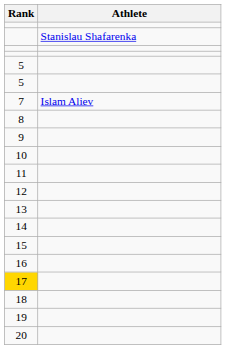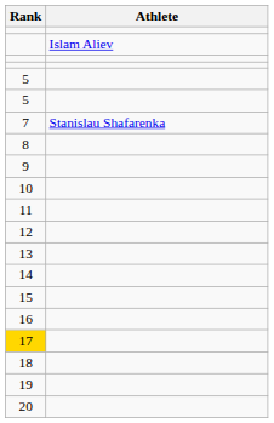 <table class="wikitable" style="text-align: center;">
 <tr>
 <th width=40>Rank</th>
 <th width=250>Athlete</th>
 </tr>
 <tr>
 <td></td>
 <td align="left"></td>
 </tr>
 <tr>
 <td></td>
-<td align="left"> <a href='#'>Stanislau Shafarenka</a> </td>
+<td align="left"> <a href='#'>Islam Aliev</a> </td>
 </tr>
 <tr>
 <td></td>
 <td align="left"></td>
 </tr>
 <tr>
 <td></td>
 <td align="left"></td>
 </tr>
 <tr>
 <td>5</td>
 <td align="left"></td>
 </tr>
 <tr>
 <td>5</td>
 <td align="left"></td>
 </tr>
 <tr>
 <td>7</td>
-<td align="left"> <a href='#'>Islam Aliev</a> </td>
+<td align="left"> <a href='#'>Stanislau Shafarenka</a> </td>
 </tr>
 <tr>
 <td>8</td>
 <td align="left"></td>
 </tr>
 <tr>
 <td>9</td>
 <td align="left"></td>
 </tr>
 <tr>
 <td>10</td>
 <td align="left"></td>
 </tr>
 <tr>
 <td>11</td>
 <td align="left"></td>
 </tr>
 <tr>
 <td>12</td>
 <td align="left"></td>
 </tr>
 <tr>
 <td>13</td>
 <td align="left"></td>
 </tr>
 <tr>
 <td>14</td>
 <td align="left"></td>
 </tr>
 <tr>
 <td>15</td>
 <td align="left"></td>
 </tr>
 <tr>
 <td>16</td>
 <td align="left"></td>
 </tr>
 <tr>
 <td style="background: gold;">17</td>
 <td align="left"></td>
 </tr>
 <tr>
 <td>18</td>
 <td align="left"></td>
 </tr>
 <tr>
 <td>19</td>
 <td align="left"></td>
 </tr>
 <tr>
 <td>20</td>
 <td align="left"></td>
 </tr>
 </table>
